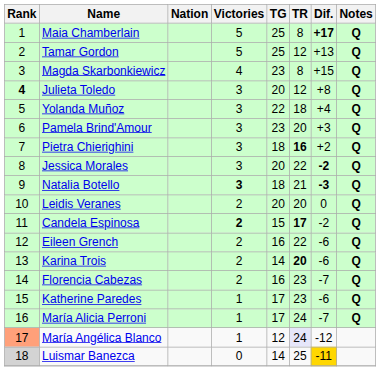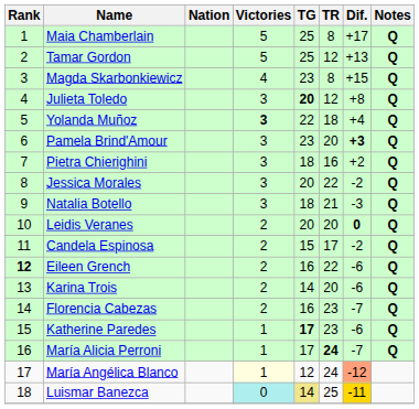 <table class="wikitable sortable" style="text-align:center">
 <tr>
 <th>Rank</th>
 <th>Name</th>
 <th>Nation</th>
 <th>Victories</th>
 <th>TG</th>
 <th>TR</th>
 <th>Dif.</th>
 <th>Notes</th>
 </tr>
 <tr style="background:#cfc">
 <td>1</td>
 <td align=left><a href='#'>Maia Chamberlain</a></td>
 <td align=left></td>
 <td>5</td>
 <td>25</td>
 <td>8</td>
-<td><strong>+17</strong></td>
+<td>+17</td>
 <td><strong>Q</strong></td>
 </tr>
 <tr style="background:#cfc">
 <td>2</td>
 <td align=left><a href='#'>Tamar Gordon</a></td>
 <td align=left></td>
 <td>5</td>
 <td>25</td>
 <td>12</td>
 <td>+13</td>
 <td><strong>Q</strong></td>
 </tr>
 <tr style="background:#cfc">
 <td>3</td>
 <td align=left><a href='#'>Magda Skarbonkiewicz</a></td>
 <td align=left></td>
 <td>4</td>
 <td>23</td>
 <td>8</td>
 <td>+15</td>
 <td><strong>Q</strong></td>
 </tr>
 <tr style="background:#cfc">
-<td><strong>4</strong></td>
+<td>4</td>
 <td align=left><a href='#'>Julieta Toledo</a></td>
 <td align=left></td>
 <td>3</td>
-<td>20</td>
+<td><strong>20</strong></td>
 <td>12</td>
 <td>+8</td>
 <td><strong>Q</strong></td>
 </tr>
 <tr style="background:#cfc">
 <td>5</td>
 <td align=left><a href='#'>Yolanda Muñoz</a></td>
 <td align=left></td>
-<td>3</td>
+<td><strong>3</strong></td>
 <td>22</td>
 <td>18</td>
 <td>+4</td>
 <td><strong>Q</strong></td>
 </tr>
 <tr style="background:#cfc">
 <td>6</td>
 <td align=left><a href='#'>Pamela Brind'Amour</a></td>
 <td align=left></td>
 <td>3</td>
 <td>23</td>
 <td>20</td>
-<td>+3</td>
+<td><strong>+3</strong></td>
 <td><strong>Q</strong></td>
 </tr>
 <tr style="background:#cfc">
 <td>7</td>
 <td align=left><a href='#'>Pietra Chierighini</a></td>
 <td align=left></td>
 <td>3</td>
 <td>18</td>
-<td><strong>16</strong></td>
+<td>16</td>
 <td>+2</td>
 <td><strong>Q</strong></td>
 </tr>
 <tr style="background:#cfc">
 <td>8</td>
 <td align=left><a href='#'>Jessica Morales</a></td>
 <td align=left></td>
 <td>3</td>
 <td>20</td>
 <td>22</td>
-<td><strong>-2</strong></td>
+<td>-2</td>
 <td><strong>Q</strong></td>
 </tr>
 <tr style="background:#cfc">
 <td>9</td>
 <td align=left><a href='#'>Natalia Botello</a></td>
 <td align=left></td>
-<td><strong>3</strong></td>
+<td>3</td>
 <td>18</td>
 <td>21</td>
-<td><strong>-3</strong></td>
+<td>-3</td>
 <td><strong>Q</strong></td>
 </tr>
 <tr style="background:#cfc">
 <td>10</td>
 <td align=left><a href='#'>Leidis Veranes</a></td>
 <td align=left></td>
 <td>2</td>
 <td>20</td>
 <td>20</td>
-<td>0</td>
+<td><strong>0</strong></td>
 <td><strong>Q</strong></td>
 </tr>
 <tr style="background:#cfc">
 <td>11</td>
 <td align=left><a href='#'>Candela Espinosa</a></td>
 <td align=left></td>
-<td><strong>2</strong></td>
+<td>2</td>
 <td>15</td>
-<td><strong>17</strong></td>
+<td>17</td>
 <td>-2</td>
 <td><strong>Q</strong></td>
 </tr>
 <tr style="background:#cfc">
-<td>12</td>
+<td><strong>12</strong></td>
 <td align=left><a href='#'>Eileen Grench</a></td>
 <td align=left></td>
 <td>2</td>
 <td>16</td>
 <td>22</td>
 <td>-6</td>
 <td><strong>Q</strong></td>
 </tr>
 <tr style="background:#cfc">
 <td>13</td>
 <td align=left><a href='#'>Karina Trois</a></td>
 <td align=left></td>
 <td>2</td>
 <td>14</td>
-<td><strong>20</strong></td>
+<td>20</td>
 <td>-6</td>
 <td><strong>Q</strong></td>
 </tr>
 <tr style="background:#cfc">
 <td>14</td>
 <td align=left><a href='#'>Florencia Cabezas</a></td>
 <td align=left></td>
 <td>2</td>
 <td>16</td>
 <td>23</td>
 <td>-7</td>
 <td><strong>Q</strong></td>
 </tr>
 <tr style="background:#cfc">
 <td>15</td>
 <td align=left><a href='#'>Katherine Paredes</a></td>
 <td align=left></td>
 <td>1</td>
-<td>17</td>
+<td><strong>17</strong></td>
 <td>23</td>
 <td>-6</td>
 <td><strong>Q</strong></td>
 </tr>
 <tr style="background:#cfc">
 <td>16</td>
 <td align=left><a href='#'>María Alicia Perroni</a></td>
 <td align=left></td>
 <td>1</td>
 <td>17</td>
-<td>24</td>
+<td><strong>24</strong></td>
 <td>-7</td>
 <td><strong>Q</strong></td>
 </tr>
 <tr>
-<td style="background: lightsalmon;">17</td>
+<td>17</td>
 <td align=left><a href='#'>María Angélica Blanco</a></td>
 <td align=left></td>
-<td>1</td>
+<td style="background: lightyellow;">1</td>
 <td>12</td>
-<td style="background: lavender;">24</td>
-<td>-12</td>
+<td>24</td>
+<td style="background: lightsalmon;">-12</td>
 <td></td>
 </tr>
 <tr>
-<td style="background: lightgrey;">18</td>
+<td>18</td>
 <td align=left><a href='#'>Luismar Banezca</a></td>
 <td align=left></td>
-<td>0</td>
-<td>14</td>
+<td style="background: paleturquoise;">0</td>
+<td style="background: khaki;">14</td>
 <td>25</td>
 <td style="background: gold;">-11</td>
 <td></td>
 </tr>
 <tr>
 </tr>
 </table>
